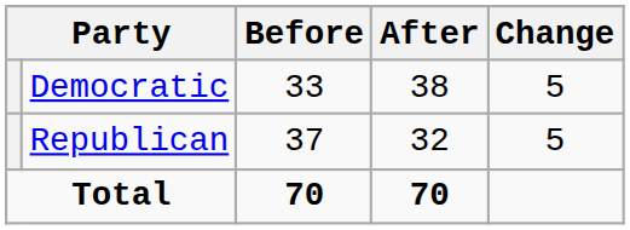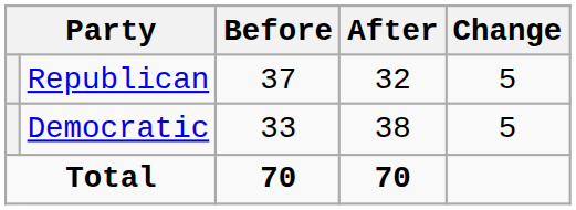 <table class="wikitable" style="text-align:center;">
 <tr>
 </tr>
 <tr>
 <th colspan=2>Party</th>
 <th>Before</th>
 <th>After</th>
 <th>Change</th>
 </tr>
 <tr>
 <th style="background-color:"></th>
-<td style="text-align:left;"><a href='#'>Democratic</a></td>
-<td>33</td>
-<td>38</td>
+<td style="text-align:left;"><a href='#'>Republican</a></td>
+<td>37</td>
+<td>32</td>
 <td> 5</td>
 </tr>
 <tr>
 <th style="background-color:"></th>
-<td style="text-align:left;"><a href='#'>Republican</a></td>
-<td>37</td>
-<td>32</td>
+<td style="text-align:left;"><a href='#'>Democratic</a></td>
+<td>33</td>
+<td>38</td>
 <td> 5</td>
 </tr>
 <tr>
 <td colspan=2><strong>Total</strong></td>
 <td><strong>70</strong></td>
 <td><strong>70</strong></td>
 <td></td>
 </tr>
 </table>
